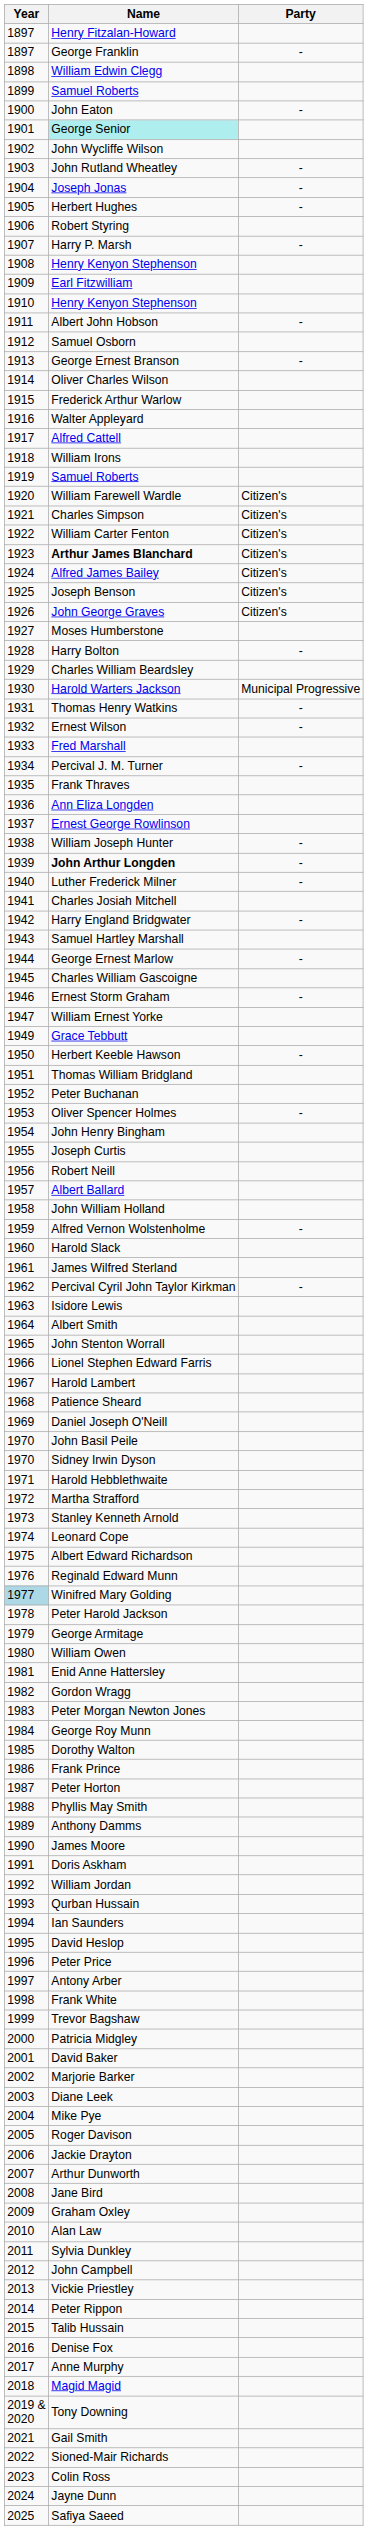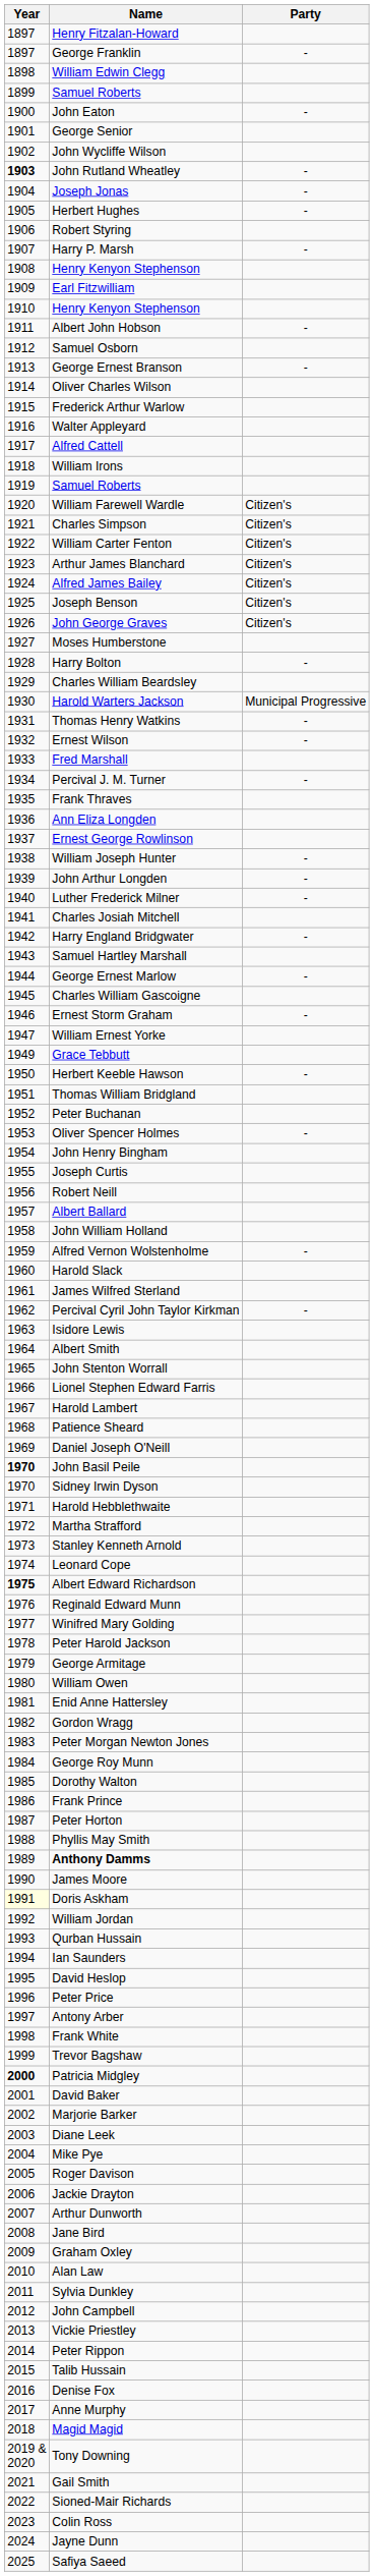 <table class="wikitable sortable">
 <tr>
 <th>Year</th>
 <th>Name</th>
 <th colspan="2">Party</th>
 </tr>
 <tr>
 <td>1897</td>
 <td><a href='#'>Henry Fitzalan-Howard</a></td>
 <td></td>
 </tr>
 <tr>
 <td>1897</td>
 <td>George Franklin</td>
 <td colspan="2" style="text-align:center">-</td>
 </tr>
 <tr>
 <td>1898</td>
 <td><a href='#'>William Edwin Clegg</a></td>
 <td></td>
 </tr>
 <tr>
 <td>1899</td>
 <td><a href='#'>Samuel Roberts</a></td>
 <td></td>
 </tr>
 <tr>
 <td>1900</td>
 <td>John Eaton</td>
 <td colspan="2" style="text-align:center">-</td>
 </tr>
 <tr>
 <td>1901</td>
-<td style="background: paleturquoise;">George Senior</td>
+<td>George Senior</td>
 <td></td>
 </tr>
 <tr>
 <td>1902</td>
 <td>John Wycliffe Wilson</td>
 <td></td>
 </tr>
 <tr>
-<td>1903</td>
+<td><strong>1903</strong></td>
 <td>John Rutland Wheatley</td>
 <td colspan="2" style="text-align:center">-</td>
 </tr>
 <tr>
 <td>1904</td>
 <td><a href='#'>Joseph Jonas</a></td>
 <td colspan="2" style="text-align:center">-</td>
 </tr>
 <tr>
 <td>1905</td>
 <td>Herbert Hughes</td>
 <td colspan="2" style="text-align:center">-</td>
 </tr>
 <tr>
 <td>1906</td>
 <td>Robert Styring</td>
 <td></td>
 </tr>
 <tr>
 <td>1907</td>
 <td>Harry P. Marsh</td>
 <td colspan="2" style="text-align:center">-</td>
 </tr>
 <tr>
 <td>1908</td>
 <td><a href='#'>Henry Kenyon Stephenson</a></td>
 <td></td>
 </tr>
 <tr>
 <td>1909</td>
 <td><a href='#'>Earl Fitzwilliam</a></td>
 <td></td>
 </tr>
 <tr>
 <td>1910</td>
 <td><a href='#'>Henry Kenyon Stephenson</a></td>
 <td></td>
 </tr>
 <tr>
 <td>1911</td>
 <td>Albert John Hobson</td>
 <td colspan="2" style="text-align:center">-</td>
 </tr>
 <tr>
 <td>1912</td>
 <td>Samuel Osborn</td>
 <td></td>
 </tr>
 <tr>
 <td>1913</td>
 <td>George Ernest Branson</td>
 <td colspan="2" style="text-align:center">-</td>
 </tr>
 <tr>
 <td>1914</td>
 <td>Oliver Charles Wilson</td>
 <td></td>
 </tr>
 <tr>
 <td>1915</td>
 <td>Frederick Arthur Warlow</td>
 <td></td>
 </tr>
 <tr>
 <td>1916</td>
 <td>Walter Appleyard</td>
 <td></td>
 </tr>
 <tr>
 <td>1917</td>
 <td><a href='#'>Alfred Cattell</a></td>
 <td></td>
 </tr>
 <tr>
 <td>1918</td>
 <td>William Irons</td>
 <td></td>
 </tr>
 <tr>
 <td>1919</td>
 <td><a href='#'>Samuel Roberts</a></td>
 <td></td>
 </tr>
 <tr>
 <td>1920</td>
 <td>William Farewell Wardle</td>
 <td colspan="2">Citizen's</td>
 </tr>
 <tr>
 <td>1921</td>
 <td>Charles Simpson</td>
 <td colspan="2">Citizen's</td>
 </tr>
 <tr>
 <td>1922</td>
 <td>William Carter Fenton</td>
 <td colspan="2">Citizen's</td>
 </tr>
 <tr>
 <td>1923</td>
-<td><strong>Arthur James Blanchard</strong></td>
+<td>Arthur James Blanchard</td>
 <td colspan="2">Citizen's</td>
 </tr>
 <tr>
 <td>1924</td>
 <td><a href='#'>Alfred James Bailey</a></td>
 <td colspan="2">Citizen's</td>
 </tr>
 <tr>
 <td>1925</td>
 <td>Joseph Benson</td>
 <td colspan="2">Citizen's</td>
 </tr>
 <tr>
 <td>1926</td>
 <td><a href='#'>John George Graves</a></td>
 <td colspan="2">Citizen's</td>
 </tr>
 <tr>
 <td>1927</td>
 <td>Moses Humberstone</td>
 <td></td>
 </tr>
 <tr>
 <td>1928</td>
 <td>Harry Bolton</td>
 <td colspan="2" style="text-align:center">-</td>
 </tr>
 <tr>
 <td>1929</td>
 <td>Charles William Beardsley</td>
 <td></td>
 </tr>
 <tr>
 <td>1930</td>
 <td><a href='#'>Harold Warters Jackson</a></td>
 <td colspan="2">Municipal Progressive</td>
 </tr>
 <tr>
 <td>1931</td>
 <td>Thomas Henry Watkins</td>
 <td colspan="2" style="text-align:center">-</td>
 </tr>
 <tr>
 <td>1932</td>
 <td>Ernest Wilson</td>
 <td colspan="2" style="text-align:center">-</td>
 </tr>
 <tr>
 <td>1933</td>
 <td><a href='#'>Fred Marshall</a></td>
 <td></td>
 </tr>
 <tr>
 <td>1934</td>
 <td>Percival J. M. Turner</td>
 <td colspan="2" style="text-align:center">-</td>
 </tr>
 <tr>
 <td>1935</td>
 <td>Frank Thraves</td>
 <td></td>
 </tr>
 <tr>
 <td>1936</td>
 <td><a href='#'>Ann Eliza Longden</a></td>
 <td></td>
 </tr>
 <tr>
 <td>1937</td>
 <td><a href='#'>Ernest George Rowlinson</a></td>
 <td></td>
 </tr>
 <tr>
 <td>1938</td>
 <td>William Joseph Hunter</td>
 <td colspan="2" style="text-align:center">-</td>
 </tr>
 <tr>
 <td>1939</td>
-<td><strong>John Arthur Longden</strong></td>
+<td>John Arthur Longden</td>
 <td colspan="2" style="text-align:center">-</td>
 </tr>
 <tr>
 <td>1940</td>
 <td>Luther Frederick Milner</td>
 <td colspan="2" style="text-align:center">-</td>
 </tr>
 <tr>
 <td>1941</td>
 <td>Charles Josiah Mitchell</td>
 <td></td>
 </tr>
 <tr>
 <td>1942</td>
 <td>Harry England Bridgwater</td>
 <td colspan="2" style="text-align:center">-</td>
 </tr>
 <tr>
 <td>1943</td>
 <td>Samuel Hartley Marshall</td>
 <td></td>
 </tr>
 <tr>
 <td>1944</td>
 <td>George Ernest Marlow</td>
 <td colspan="2" style="text-align:center">-</td>
 </tr>
 <tr>
 <td>1945</td>
 <td>Charles William Gascoigne</td>
 <td></td>
 </tr>
 <tr>
 <td>1946</td>
 <td>Ernest Storm Graham</td>
 <td colspan="2" style="text-align:center">-</td>
 </tr>
 <tr>
 <td>1947</td>
 <td>William Ernest Yorke</td>
 <td></td>
 </tr>
 <tr>
 <td>1949</td>
 <td><a href='#'>Grace Tebbutt</a></td>
 <td></td>
 </tr>
 <tr>
 <td>1950</td>
 <td>Herbert Keeble Hawson</td>
 <td colspan="2" style="text-align:center">-</td>
 </tr>
 <tr>
 <td>1951</td>
 <td>Thomas William Bridgland</td>
 <td></td>
 </tr>
 <tr>
 <td>1952</td>
 <td>Peter Buchanan</td>
 <td></td>
 </tr>
 <tr>
 <td>1953</td>
 <td>Oliver Spencer Holmes</td>
 <td colspan="2" style="text-align:center">-</td>
 </tr>
 <tr>
 <td>1954</td>
 <td>John Henry Bingham</td>
 <td></td>
 </tr>
 <tr>
 <td>1955</td>
 <td>Joseph Curtis</td>
 <td></td>
 </tr>
 <tr>
 <td>1956</td>
 <td>Robert Neill</td>
 <td></td>
 </tr>
 <tr>
 <td>1957</td>
 <td><a href='#'>Albert Ballard</a></td>
 <td></td>
 </tr>
 <tr>
 <td>1958</td>
 <td>John William Holland</td>
 <td></td>
 </tr>
 <tr>
 <td>1959</td>
 <td>Alfred Vernon Wolstenholme</td>
 <td colspan="2" style="text-align:center">-</td>
 </tr>
 <tr>
 <td>1960</td>
 <td>Harold Slack</td>
 <td></td>
 </tr>
 <tr>
 <td>1961</td>
 <td>James Wilfred Sterland</td>
 <td></td>
 </tr>
 <tr>
 <td>1962</td>
 <td>Percival Cyril John Taylor Kirkman</td>
 <td colspan="2" style="text-align:center">-</td>
 </tr>
 <tr>
 <td>1963</td>
 <td>Isidore Lewis</td>
 <td></td>
 </tr>
 <tr>
 <td>1964</td>
 <td>Albert Smith</td>
 <td></td>
 </tr>
 <tr>
 <td>1965</td>
 <td>John Stenton Worrall</td>
 <td></td>
 </tr>
 <tr>
 <td>1966</td>
 <td>Lionel Stephen Edward Farris</td>
 <td></td>
 </tr>
 <tr>
 <td>1967</td>
 <td>Harold Lambert</td>
 <td></td>
 </tr>
 <tr>
 <td>1968</td>
 <td>Patience Sheard</td>
 <td></td>
 </tr>
 <tr>
 <td>1969</td>
 <td>Daniel Joseph O'Neill</td>
 <td></td>
 </tr>
 <tr>
-<td>1970</td>
+<td><strong>1970</strong></td>
 <td>John Basil Peile</td>
 <td></td>
 </tr>
 <tr>
 <td>1970</td>
 <td>Sidney Irwin Dyson</td>
 <td></td>
 </tr>
 <tr>
 <td>1971</td>
 <td>Harold Hebblethwaite</td>
 <td></td>
 </tr>
 <tr>
 <td>1972</td>
 <td>Martha Strafford</td>
 <td></td>
 </tr>
 <tr>
 <td>1973</td>
 <td>Stanley Kenneth Arnold</td>
 <td></td>
 </tr>
 <tr>
 <td>1974</td>
 <td>Leonard Cope</td>
 <td></td>
 </tr>
 <tr>
-<td>1975</td>
+<td><strong>1975</strong></td>
 <td>Albert Edward Richardson</td>
 <td></td>
 </tr>
 <tr>
 <td>1976</td>
 <td>Reginald Edward Munn</td>
 <td></td>
 </tr>
 <tr>
-<td style="background: lightblue;">1977</td>
+<td>1977</td>
 <td>Winifred Mary Golding</td>
 <td></td>
 </tr>
 <tr>
 <td>1978</td>
 <td>Peter Harold Jackson</td>
 <td></td>
 </tr>
 <tr>
 <td>1979</td>
 <td>George Armitage</td>
 <td></td>
 </tr>
 <tr>
 <td>1980</td>
 <td>William Owen</td>
 <td></td>
 </tr>
 <tr>
 <td>1981</td>
 <td>Enid Anne Hattersley</td>
 <td></td>
 </tr>
 <tr>
 <td>1982</td>
 <td>Gordon Wragg</td>
 <td></td>
 </tr>
 <tr>
 <td>1983</td>
 <td>Peter Morgan Newton Jones</td>
 <td></td>
 </tr>
 <tr>
 <td>1984</td>
 <td>George Roy Munn</td>
 <td></td>
 </tr>
 <tr>
 <td>1985</td>
 <td>Dorothy Walton</td>
 <td></td>
 </tr>
 <tr>
 <td>1986</td>
 <td>Frank Prince</td>
 <td></td>
 </tr>
 <tr>
 <td>1987</td>
 <td>Peter Horton</td>
 <td></td>
 </tr>
 <tr>
 <td>1988</td>
 <td>Phyllis May Smith</td>
 <td></td>
 </tr>
 <tr>
 <td>1989</td>
-<td>Anthony Damms</td>
+<td><strong>Anthony Damms</strong></td>
 <td></td>
 </tr>
 <tr>
 <td>1990</td>
 <td>James Moore</td>
 <td></td>
 </tr>
 <tr>
-<td>1991</td>
+<td style="background: lightyellow;">1991</td>
 <td>Doris Askham</td>
 <td></td>
 </tr>
 <tr>
 <td>1992</td>
 <td>William Jordan</td>
 <td></td>
 </tr>
 <tr>
 <td>1993</td>
 <td>Qurban Hussain</td>
 <td></td>
 </tr>
 <tr>
 <td>1994</td>
 <td>Ian Saunders</td>
 <td></td>
 </tr>
 <tr>
 <td>1995</td>
 <td>David Heslop</td>
 <td></td>
 </tr>
 <tr>
 <td>1996</td>
 <td>Peter Price</td>
 <td></td>
 </tr>
 <tr>
 <td>1997</td>
 <td>Antony Arber</td>
 <td></td>
 </tr>
 <tr>
 <td>1998</td>
 <td>Frank White</td>
 <td></td>
 </tr>
 <tr>
 <td>1999</td>
 <td>Trevor Bagshaw</td>
 <td></td>
 </tr>
 <tr>
-<td>2000</td>
+<td><strong>2000</strong></td>
 <td>Patricia Midgley</td>
 <td></td>
 </tr>
 <tr>
 <td>2001</td>
 <td>David Baker</td>
 <td></td>
 </tr>
 <tr>
 <td>2002</td>
 <td>Marjorie Barker</td>
 <td></td>
 </tr>
 <tr>
 <td>2003</td>
 <td>Diane Leek</td>
 <td></td>
 </tr>
 <tr>
 <td>2004</td>
 <td>Mike Pye</td>
 <td></td>
 </tr>
 <tr>
 <td>2005</td>
 <td>Roger Davison</td>
 <td></td>
 </tr>
 <tr>
 <td>2006</td>
 <td>Jackie Drayton</td>
 <td></td>
 </tr>
 <tr>
 <td>2007</td>
 <td>Arthur Dunworth</td>
 <td></td>
 </tr>
 <tr>
 <td>2008</td>
 <td>Jane Bird</td>
 <td></td>
 </tr>
 <tr>
 <td>2009</td>
 <td>Graham Oxley</td>
 <td></td>
 </tr>
 <tr>
 <td>2010</td>
 <td>Alan Law</td>
 <td></td>
 </tr>
 <tr>
 <td>2011</td>
 <td>Sylvia Dunkley</td>
 <td></td>
 </tr>
 <tr>
 <td>2012</td>
 <td>John Campbell</td>
 <td></td>
 </tr>
 <tr>
 <td>2013</td>
 <td>Vickie Priestley</td>
 <td></td>
 </tr>
 <tr>
 <td>2014</td>
 <td>Peter Rippon</td>
 <td></td>
 </tr>
 <tr>
 <td>2015</td>
 <td>Talib Hussain</td>
 <td></td>
 </tr>
 <tr>
 <td>2016</td>
 <td>Denise Fox</td>
 <td></td>
 </tr>
 <tr>
 <td>2017</td>
 <td>Anne Murphy</td>
 <td></td>
 </tr>
 <tr>
 <td>2018</td>
 <td><a href='#'>Magid Magid</a></td>
 <td></td>
 </tr>
 <tr>
 <td>2019 &<br>2020</td>
 <td>Tony Downing</td>
 <td></td>
 </tr>
 <tr>
 <td>2021</td>
 <td>Gail Smith</td>
 <td></td>
 </tr>
 <tr>
 <td>2022</td>
 <td>Sioned-Mair Richards</td>
 <td></td>
 </tr>
 <tr>
 <td>2023</td>
 <td>Colin Ross</td>
 <td></td>
 </tr>
 <tr>
 <td>2024</td>
 <td>Jayne Dunn</td>
 <td></td>
 </tr>
 <tr>
 <td>2025</td>
 <td>Safiya Saeed</td>
 <td></td>
 </tr>
 </table>
